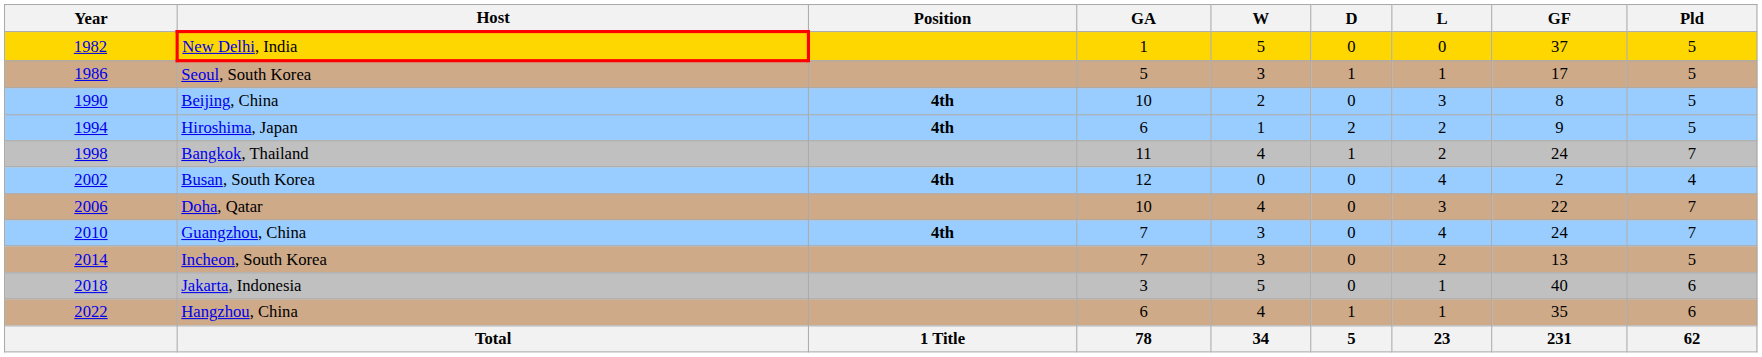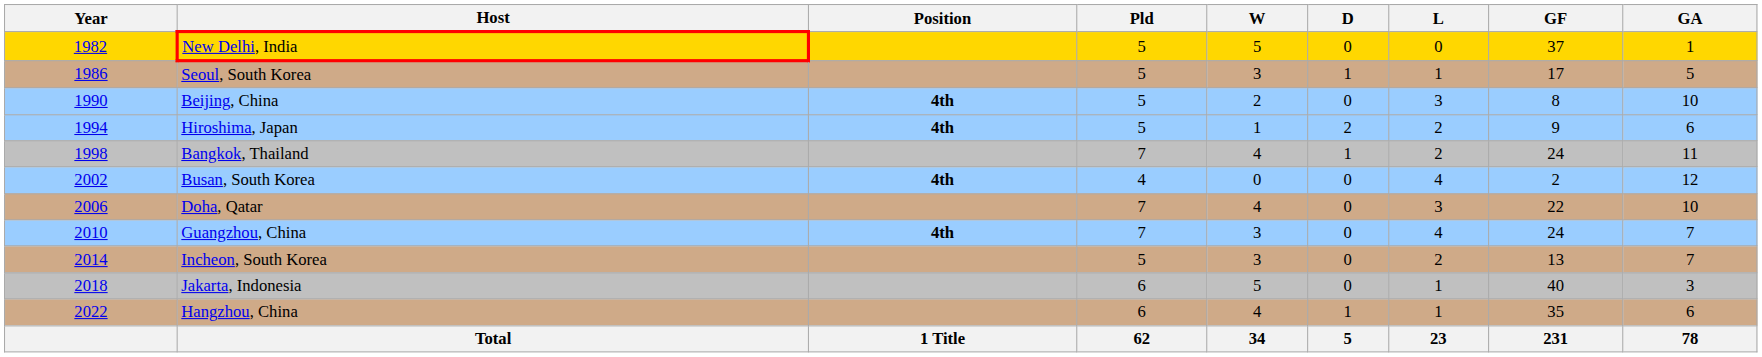 <table class="wikitable" style="text-align: center; width:85%">
 <tr>
 <th>Year</th>
 <th>Host</th>
 <th>Position</th>
-<th>GA</th>
+<th>Pld</th>
 <th>W</th>
 <th>D</th>
 <th>L</th>
 <th>GF</th>
-<th>Pld</th>
+<th>GA</th>
 </tr>
 <tr bgcolor=gold>
 <td><a href='#'>1982</a></td>
 <td align=left style="border: 3px solid red"> <a href='#'>New Delhi</a>, India</td>
 <td></td>
-<td>1</td>
+<td>5</td>
 <td>5</td>
 <td>0</td>
 <td>0</td>
 <td>37</td>
-<td>5</td>
+<td>1</td>
 </tr>
 <tr bgcolor=#CFAA88>
 <td><a href='#'>1986</a></td>
 <td align=left> <a href='#'>Seoul</a>, South Korea</td>
 <td></td>
 <td>5</td>
 <td>3</td>
 <td>1</td>
 <td>1</td>
 <td>17</td>
 <td>5</td>
 </tr>
 <tr style="background:#9acdff;">
 <td><a href='#'>1990</a></td>
 <td align=left> <a href='#'>Beijing</a>, China</td>
 <td><strong>4th</strong></td>
-<td>10</td>
+<td>5</td>
 <td>2</td>
 <td>0</td>
 <td>3</td>
 <td>8</td>
-<td>5</td>
+<td>10</td>
 </tr>
 <tr style="background:#9acdff;">
 <td><a href='#'>1994</a></td>
 <td align=left> <a href='#'>Hiroshima</a>, Japan</td>
 <td><strong>4th</strong></td>
-<td>6</td>
+<td>5</td>
 <td>1</td>
 <td>2</td>
 <td>2</td>
 <td>9</td>
-<td>5</td>
+<td>6</td>
 </tr>
 <tr bgcolor=silver>
 <td><a href='#'>1998</a></td>
 <td align=left> <a href='#'>Bangkok</a>, Thailand</td>
 <td></td>
-<td>11</td>
+<td>7</td>
 <td>4</td>
 <td>1</td>
 <td>2</td>
 <td>24</td>
-<td>7</td>
+<td>11</td>
 </tr>
 <tr style="background:#9acdff;">
 <td><a href='#'>2002</a></td>
 <td align=left> <a href='#'>Busan</a>, South Korea</td>
 <td><strong>4th</strong></td>
-<td>12</td>
+<td>4</td>
 <td>0</td>
 <td>0</td>
 <td>4</td>
 <td>2</td>
-<td>4</td>
+<td>12</td>
 </tr>
 <tr bgcolor=#CFAA88>
 <td><a href='#'>2006</a></td>
 <td align=left> <a href='#'>Doha</a>, Qatar</td>
 <td></td>
-<td>10</td>
+<td>7</td>
 <td>4</td>
 <td>0</td>
 <td>3</td>
 <td>22</td>
-<td>7</td>
+<td>10</td>
 </tr>
 <tr style="background:#9acdff;">
 <td><a href='#'>2010</a></td>
 <td align=left> <a href='#'>Guangzhou</a>, China</td>
 <td><strong>4th</strong></td>
 <td>7</td>
 <td>3</td>
 <td>0</td>
 <td>4</td>
 <td>24</td>
 <td>7</td>
 </tr>
 <tr bgcolor=#CFAA88>
 <td><a href='#'>2014</a></td>
 <td align=left> <a href='#'>Incheon</a>, South Korea</td>
 <td></td>
-<td>7</td>
+<td>5</td>
 <td>3</td>
 <td>0</td>
 <td>2</td>
 <td>13</td>
-<td>5</td>
+<td>7</td>
 </tr>
 <tr bgcolor=silver>
 <td><a href='#'>2018</a></td>
 <td align=left> <a href='#'>Jakarta</a>, Indonesia</td>
 <td></td>
-<td>3</td>
+<td>6</td>
 <td>5</td>
 <td>0</td>
 <td>1</td>
 <td>40</td>
-<td>6</td>
+<td>3</td>
 </tr>
 <tr bgcolor=#CFAA88>
 <td><a href='#'>2022</a></td>
 <td align=left> <a href='#'>Hangzhou</a>, China</td>
 <td></td>
 <td>6</td>
 <td>4</td>
 <td>1</td>
 <td>1</td>
 <td>35</td>
 <td>6</td>
 </tr>
 <tr>
 <th></th>
 <th>Total</th>
 <th>1 Title</th>
-<th>78</th>
+<th>62</th>
 <th>34</th>
 <th>5</th>
 <th>23</th>
 <th>231</th>
-<th>62</th>
+<th>78</th>
 </tr>
 </table>
